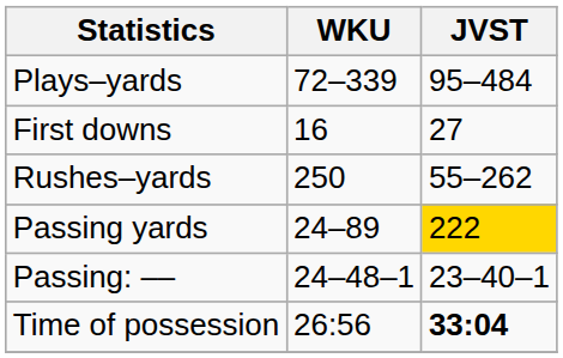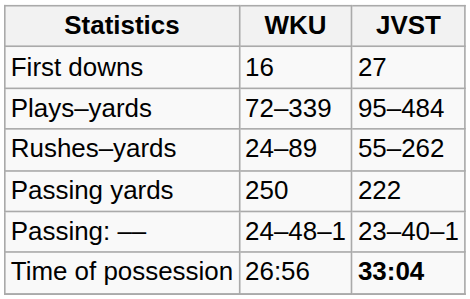 <table class="wikitable" style="float:left">
 <tr>
 <th>Statistics</th>
 <th>WKU</th>
 <th>JVST</th>
 </tr>
 <tr>
+<td>First downs</td>
+<td>16</td>
+<td>27</td>
+</tr>
+<tr>
 <td>Plays–yards</td>
 <td>72–339</td>
 <td>95–484</td>
 </tr>
 <tr>
-<td>First downs</td>
-<td>16</td>
-<td>27</td>
-</tr>
-<tr>
 <td>Rushes–yards</td>
-<td>250</td>
+<td>24–89</td>
 <td>55–262</td>
 </tr>
 <tr>
 <td>Passing yards</td>
-<td>24–89</td>
-<td style="background: gold;">222</td>
+<td>250</td>
+<td>222</td>
 </tr>
 <tr>
 <td>Passing: ––</td>
 <td>24–48–1</td>
 <td>23–40–1</td>
 </tr>
 <tr>
 <td>Time of possession</td>
 <td>26:56</td>
 <td><strong>33:04</strong></td>
 </tr>
 <tr>
 </tr>
 </table>
